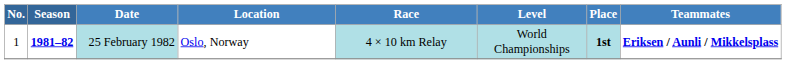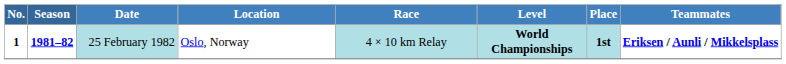 <table class="wikitable sortable" style="font-size:95%; text-align:center; border:grey solid 1px; border-collapse:collapse; background:#ffffff;">
 <tr style="background:#efefef;">
 <th style="background-color:#369; color:white;">No.</th>
 <th style="background-color:#369; color:white;">Season</th>
 <th style="background-color:#4180be; color:white; width:120px;">Date</th>
 <th style="background-color:#4180be; color:white; width:190px;">Location</th>
 <th style="background-color:#4180be; color:white; width:170px;">Race</th>
 <th style="background-color:#4180be; color:white; width:130px;">Level</th>
 <th style="background-color:#4180be; color:white;">Place</th>
 <th style="background-color:#4180be; color:white;">Teammates</th>
 </tr>
 <tr>
-<td align=center>1</td>
+<td align=center><strong>1</strong></td>
 <td rowspan=1 align=center><strong><a href='#'>1981–82</a></strong></td>
 <td bgcolor="#BOEOE6" align=right>25 February 1982</td>
 <td align=left> <a href='#'>Oslo</a>, Norway</td>
 <td bgcolor="#BOEOE6">4 × 10 km Relay</td>
-<td bgcolor="#BOEOE6">World Championships</td>
+<td bgcolor="#BOEOE6"><strong>World Championships</strong></td>
 <td bgcolor="#BOEOE6"><strong>1st</strong></td>
 <td><strong><a href='#'>Eriksen</a> / <a href='#'>Aunli</a> / <a href='#'>Mikkelsplass</a></strong></td>
 </tr>
 <tr>
 </tr>
 </table>
